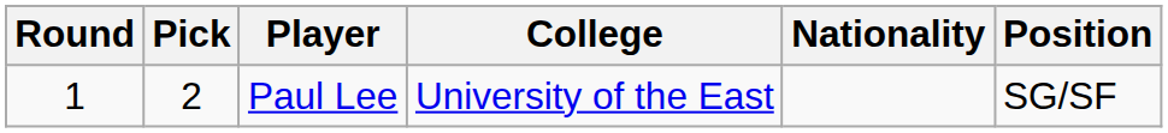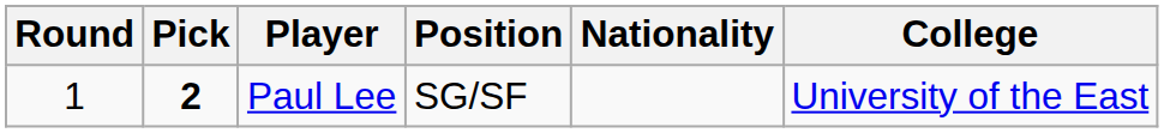 <table class="wikitable sortable sortable">
 <tr>
 <th>Round</th>
 <th>Pick</th>
 <th>Player</th>
+<th>Position</th>
+<th>Nationality</th>
 <th>College</th>
-<th>Nationality</th>
-<th>Position</th>
 </tr>
 <tr>
 <td align=center>1</td>
-<td align=center>2</td>
+<td align=center><strong>2</strong></td>
 <td><a href='#'>Paul Lee</a></td>
+<td>SG/SF</td>
+<td></td>
 <td><a href='#'>University of the East</a></td>
-<td></td>
-<td>SG/SF</td>
 </tr>
 </table>
